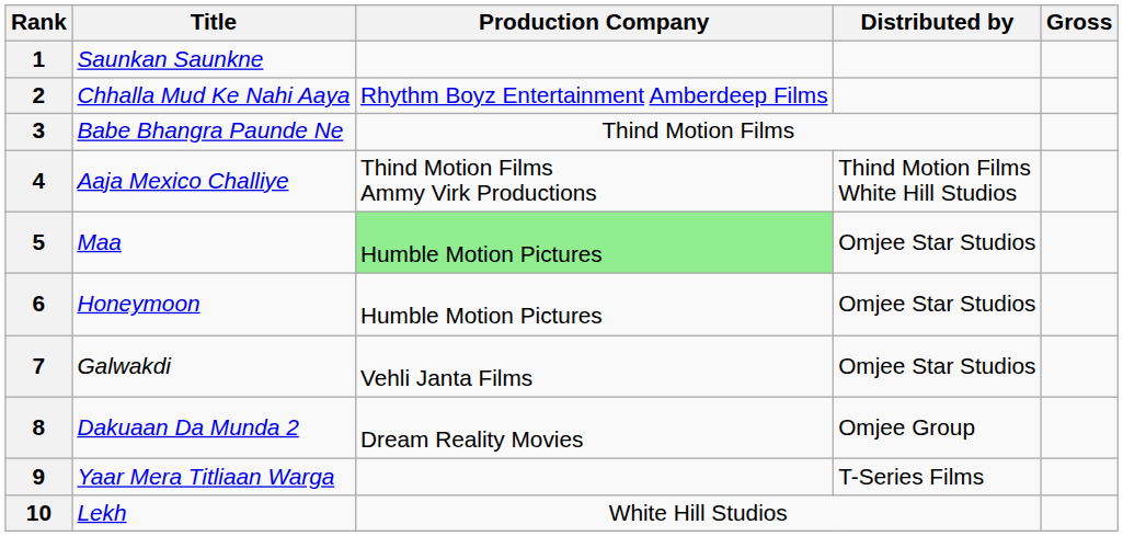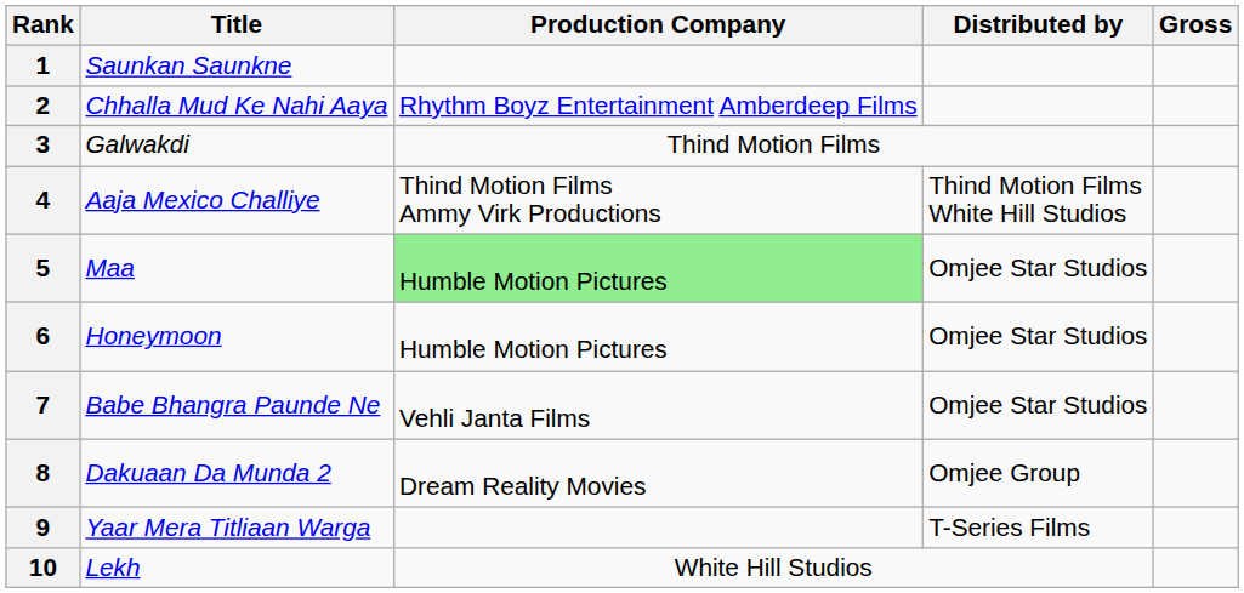 <table class="wikitable sortable" style=" margin:auto;">
 <tr>
 <th>Rank</th>
 <th>Title</th>
 <th>Production Company</th>
 <th>Distributed by</th>
 <th>Gross</th>
 </tr>
 <tr>
 <th style="text-align:center;">1</th>
 <td><em><a href='#'>Saunkan Saunkne</a></em></td>
 <td></td>
 <td></td>
 <td></td>
 </tr>
 <tr>
 <th style="text-align:center;">2</th>
 <td><em><a href='#'>Chhalla Mud Ke Nahi Aaya</a></em></td>
 <td {{ubl><a href='#'>Rhythm Boyz Entertainment</a>  <a href='#'>Amberdeep Films</a></td>
 <td></td>
 <td></td>
 </tr>
 <tr>
 <th style="text-align:center;">3</th>
-<td><em><a href='#'>Babe Bhangra Paunde Ne</a></em></td>
+<td><em>Galwakdi</em></td>
 <td colspan="2" style="text-align:center;">Thind Motion Films</td>
 <td></td>
 </tr>
 <tr>
 <th style="text-align:center;">4</th>
 <td><em><a href='#'>Aaja Mexico Challiye</a></em></td>
 <td {{ubl>Thind Motion Films<br>Ammy Virk Productions</td>
 <td>Thind Motion Films<br>White Hill Studios</td>
 <td></td>
 </tr>
 <tr>
 <th style="text-align:center;">5</th>
 <td><em><a href='#'>Maa</a></em></td>
 <td {{ubl style="background: lightgreen;"><br>Humble Motion Pictures</td>
 <td>Omjee Star Studios</td>
 <td></td>
 </tr>
 <tr>
 <th style="text-align:center;">6</th>
 <td><em><a href='#'>Honeymoon</a></em></td>
 <td {{ubl><br>Humble Motion Pictures</td>
 <td>Omjee Star Studios</td>
 <td></td>
 </tr>
 <tr>
 <th style="text-align:center;">7</th>
-<td><em>Galwakdi</em></td>
+<td><em><a href='#'>Babe Bhangra Paunde Ne</a></em></td>
 <td {{ubl><br>Vehli Janta Films</td>
 <td>Omjee Star Studios</td>
 <td></td>
 </tr>
 <tr>
 <th style="text-align:center;">8</th>
 <td><em><a href='#'>Dakuaan Da Munda 2</a></em></td>
 <td {{ubl><br>Dream Reality Movies</td>
 <td>Omjee Group</td>
 <td></td>
 </tr>
 <tr>
 <th style="text-align:center;">9</th>
 <td><em><a href='#'>Yaar Mera Titliaan Warga</a></em></td>
 <td></td>
 <td>T-Series Films</td>
 <td></td>
 </tr>
 <tr>
 <th style="text-align:center;">10</th>
 <td><em><a href='#'>Lekh</a></em></td>
 <td colspan="2" style="text-align:center;">White Hill Studios</td>
 <td></td>
 </tr>
 </table>
